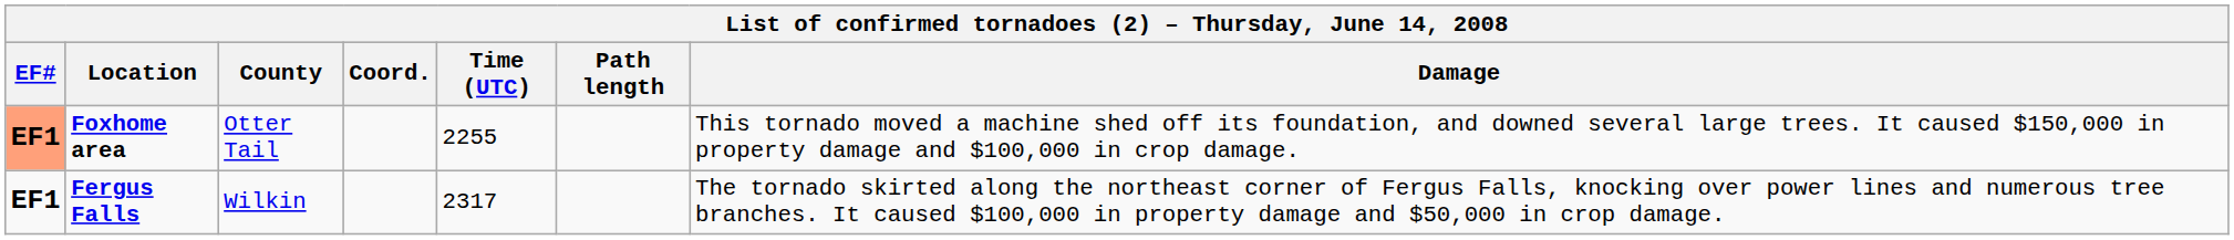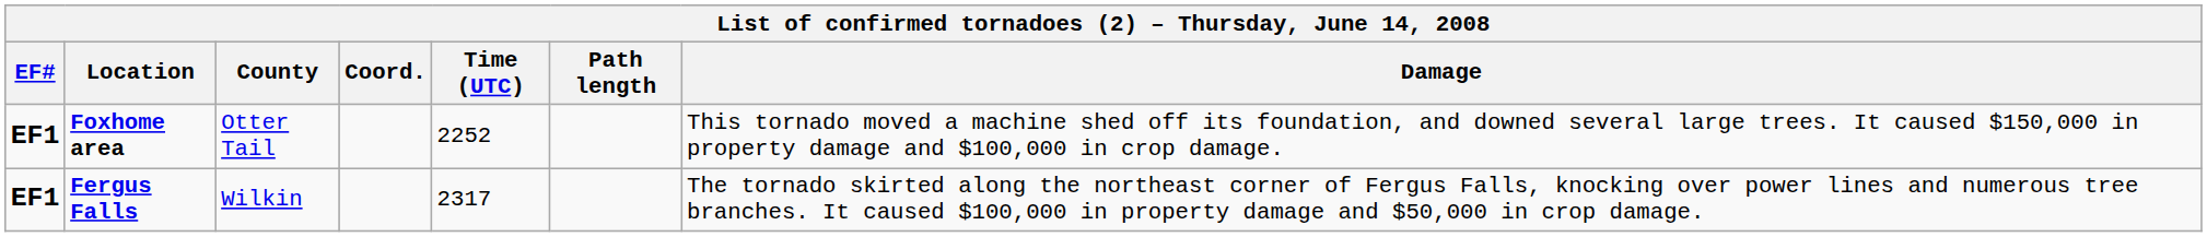 <table class="wikitable collapsible" width="100%">
 <tr>
 <th colspan="7">List of confirmed tornadoes (2) – Thursday, June 14, 2008</th>
 </tr>
 <tr>
 <th><a href='#'>EF#</a></th>
 <th>Location</th>
 <th>County</th>
 <th>Coord.</th>
 <th>Time (<a href='#'>UTC</a>)</th>
 <th>Path length</th>
 <th>Damage</th>
 </tr>
 <tr>
-<td style="background: lightsalmon;"><big><strong>EF1</strong></big></td>
+<td><big><strong>EF1</strong></big></td>
 <td><strong><a href='#'>Foxhome</a> area</strong></td>
 <td><a href='#'>Otter Tail</a></td>
 <td></td>
-<td>2255</td>
+<td>2252</td>
 <td></td>
 <td>This tornado moved a machine shed off its foundation, and downed several large trees.  It caused $150,000 in property damage and $100,000 in crop damage.</td>
 </tr>
 <tr>
 <td><big><strong>EF1</strong></big></td>
 <td><strong><a href='#'>Fergus Falls</a></strong></td>
 <td><a href='#'>Wilkin</a></td>
 <td></td>
 <td>2317</td>
 <td></td>
 <td>The tornado skirted along the northeast corner of Fergus Falls, knocking over power lines and numerous tree branches.  It caused $100,000 in property damage and $50,000 in crop damage.</td>
 </tr>
 </table>
